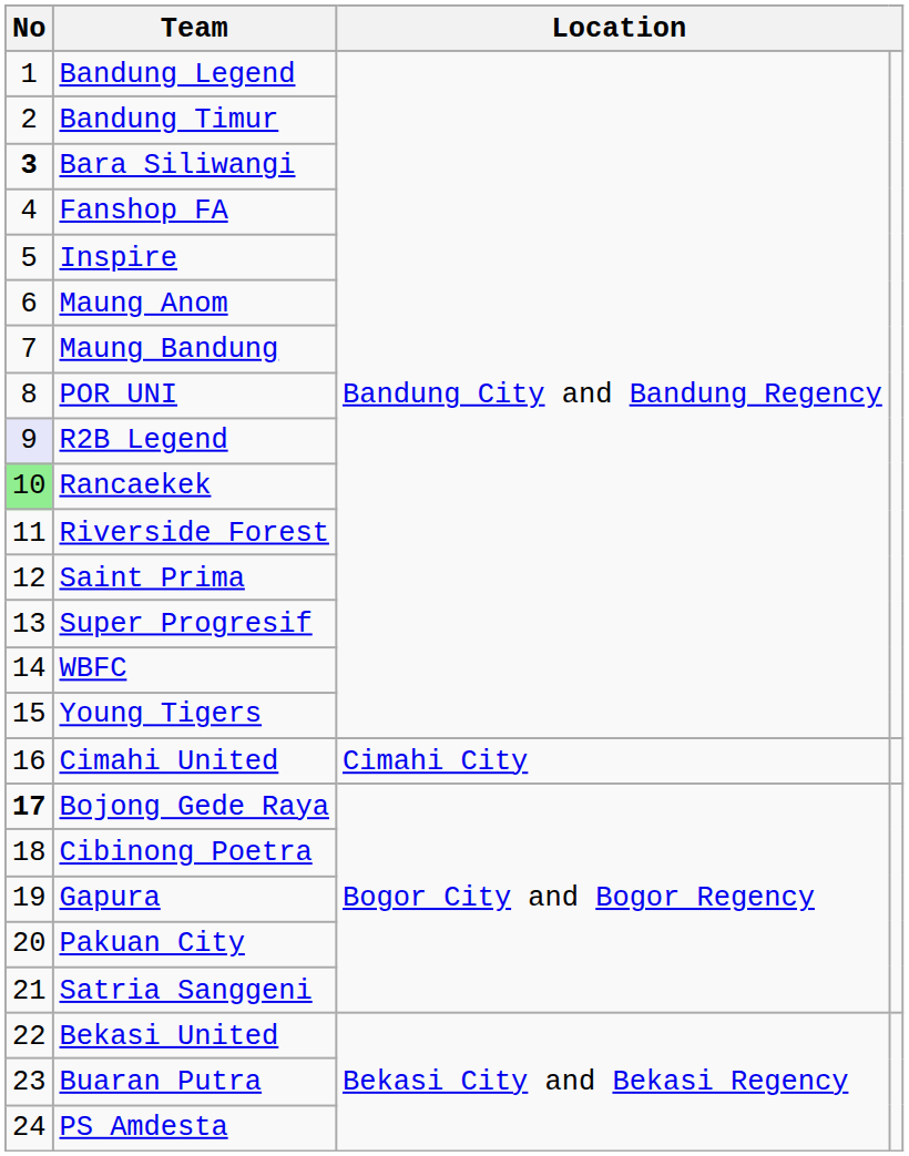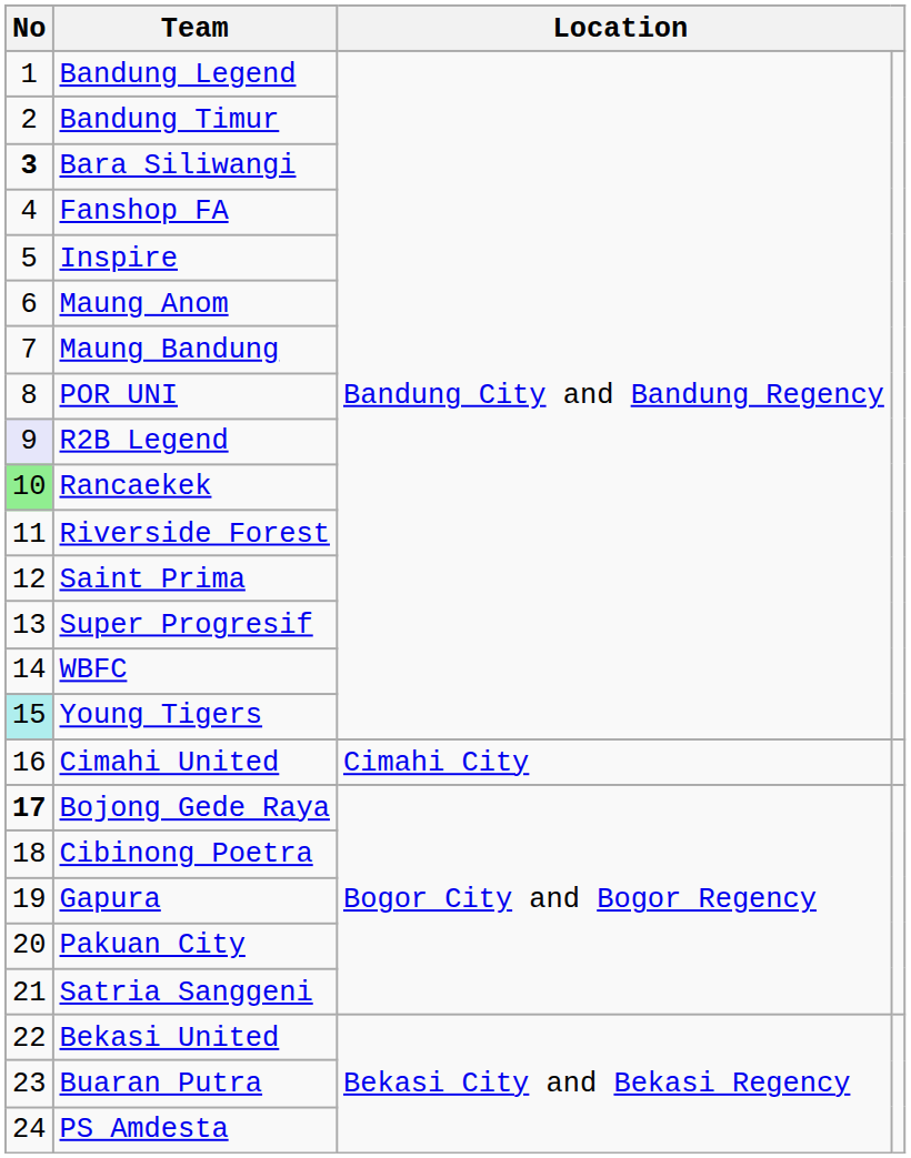 <table class="wikitable">
 <tr>
 <th>No</th>
 <th>Team</th>
 <th colspan=2>Location</th>
 </tr>
 <tr>
 <td align=center>1</td>
 <td><a href='#'>Bandung Legend</a></td>
 <td rowspan=15><a href='#'>Bandung City</a> and <a href='#'>Bandung Regency</a></td>
 <td rowspan=15><br></td>
 </tr>
 <tr>
 <td align=center>2</td>
 <td><a href='#'>Bandung Timur</a></td>
 </tr>
 <tr>
 <td align=center><strong>3</strong></td>
 <td><a href='#'>Bara Siliwangi</a></td>
 </tr>
 <tr>
 <td align=center>4</td>
 <td><a href='#'>Fanshop FA</a></td>
 </tr>
 <tr>
 <td align=center>5</td>
 <td><a href='#'>Inspire</a></td>
 </tr>
 <tr>
 <td align=center>6</td>
 <td><a href='#'>Maung Anom</a></td>
 </tr>
 <tr>
 <td align=center>7</td>
 <td><a href='#'>Maung Bandung</a></td>
 </tr>
 <tr>
 <td align=center>8</td>
 <td><a href='#'>POR UNI</a></td>
 </tr>
 <tr>
 <td align=center style="background: lavender;">9</td>
 <td><a href='#'>R2B Legend</a></td>
 </tr>
 <tr>
 <td align=center style="background: lightgreen;">10</td>
 <td><a href='#'>Rancaekek</a></td>
 </tr>
 <tr>
 <td align=center>11</td>
 <td><a href='#'>Riverside Forest</a></td>
 </tr>
 <tr>
 <td align=center>12</td>
 <td><a href='#'>Saint Prima</a></td>
 </tr>
 <tr>
 <td align=center>13</td>
 <td><a href='#'>Super Progresif</a></td>
 </tr>
 <tr>
 <td align=center>14</td>
 <td><a href='#'>WBFC</a></td>
 </tr>
 <tr>
-<td align=center>15</td>
+<td align=center style="background: paleturquoise;">15</td>
 <td><a href='#'>Young Tigers</a></td>
 </tr>
 <tr>
 <td align=center>16</td>
 <td><a href='#'>Cimahi United</a></td>
 <td><a href='#'>Cimahi City</a></td>
 <td></td>
 </tr>
 <tr>
 <td align=center><strong>17</strong></td>
 <td><a href='#'>Bojong Gede Raya</a></td>
 <td rowspan=5><a href='#'>Bogor City</a> and <a href='#'>Bogor Regency</a></td>
 <td rowspan=5><br></td>
 </tr>
 <tr>
 <td align center>18</td>
 <td><a href='#'>Cibinong Poetra</a></td>
 </tr>
 <tr>
 <td align center>19</td>
 <td><a href='#'>Gapura</a></td>
 </tr>
 <tr>
 <td align center>20</td>
 <td><a href='#'>Pakuan City</a></td>
 </tr>
 <tr>
 <td align center>21</td>
 <td><a href='#'>Satria Sanggeni</a></td>
 </tr>
 <tr>
 <td align center>22</td>
 <td><a href='#'>Bekasi United</a></td>
 <td rowspan=3><a href='#'>Bekasi City</a> and <a href='#'>Bekasi Regency</a></td>
 <td rowspan=3><br></td>
 </tr>
 <tr>
 <td align center>23</td>
 <td><a href='#'>Buaran Putra</a></td>
 </tr>
 <tr>
 <td align center>24</td>
 <td><a href='#'>PS Amdesta</a></td>
 </tr>
 </table>
